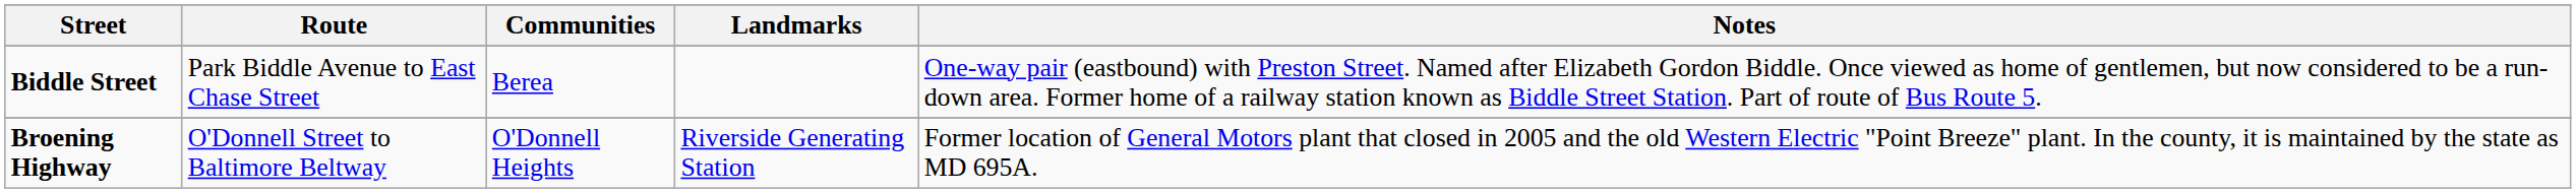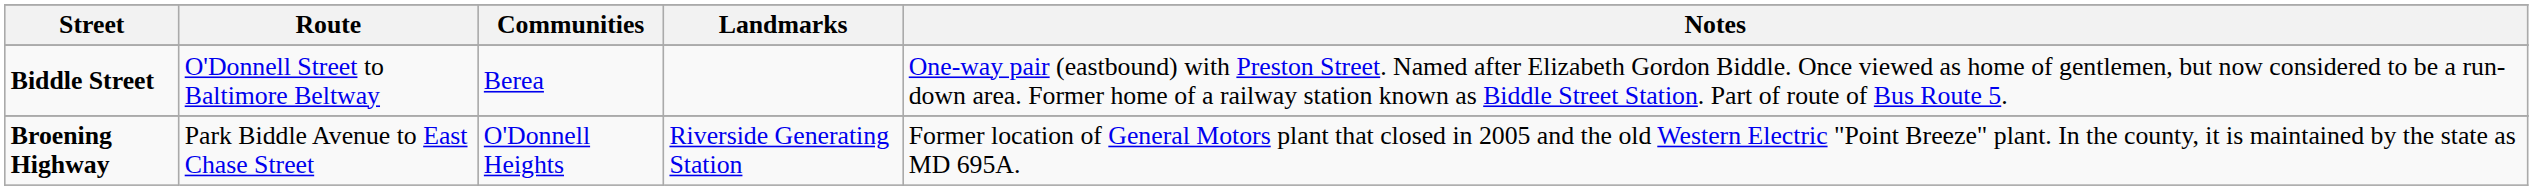 <table class="wikitable">
 <tr style="background-color:#DDDDDD;text-align:center;">
 </tr>
 <tr>
 <th>Street</th>
 <th>Route</th>
 <th>Communities</th>
 <th>Landmarks</th>
 <th>Notes</th>
 </tr>
 <tr>
 </tr>
 <tr>
 </tr>
 <tr>
 </tr>
 <tr>
 <td><strong>Biddle Street</strong></td>
-<td>Park Biddle Avenue to <a href='#'>East Chase Street</a></td>
+<td><a href='#'>O'Donnell Street</a> to <a href='#'>Baltimore Beltway</a></td>
 <td><a href='#'>Berea</a></td>
 <td></td>
 <td><a href='#'>One-way pair</a> (eastbound) with <a href='#'>Preston Street</a>. Named after Elizabeth Gordon Biddle. Once viewed as home of gentlemen, but now considered to be a run-down area. Former home of a railway station known as <a href='#'>Biddle Street Station</a>. Part of route of <a href='#'>Bus Route 5</a>.</td>
 </tr>
 <tr>
 </tr>
 <tr>
 <td><strong>Broening Highway</strong></td>
-<td><a href='#'>O'Donnell Street</a> to <a href='#'>Baltimore Beltway</a></td>
+<td>Park Biddle Avenue to <a href='#'>East Chase Street</a></td>
 <td><a href='#'>O'Donnell Heights</a></td>
 <td><a href='#'>Riverside Generating Station</a></td>
 <td>Former location of <a href='#'>General Motors</a> plant that closed in 2005 and the old <a href='#'>Western Electric</a> "Point Breeze" plant.  In the county, it is maintained by the state as MD 695A.</td>
 </tr>
 </table>
